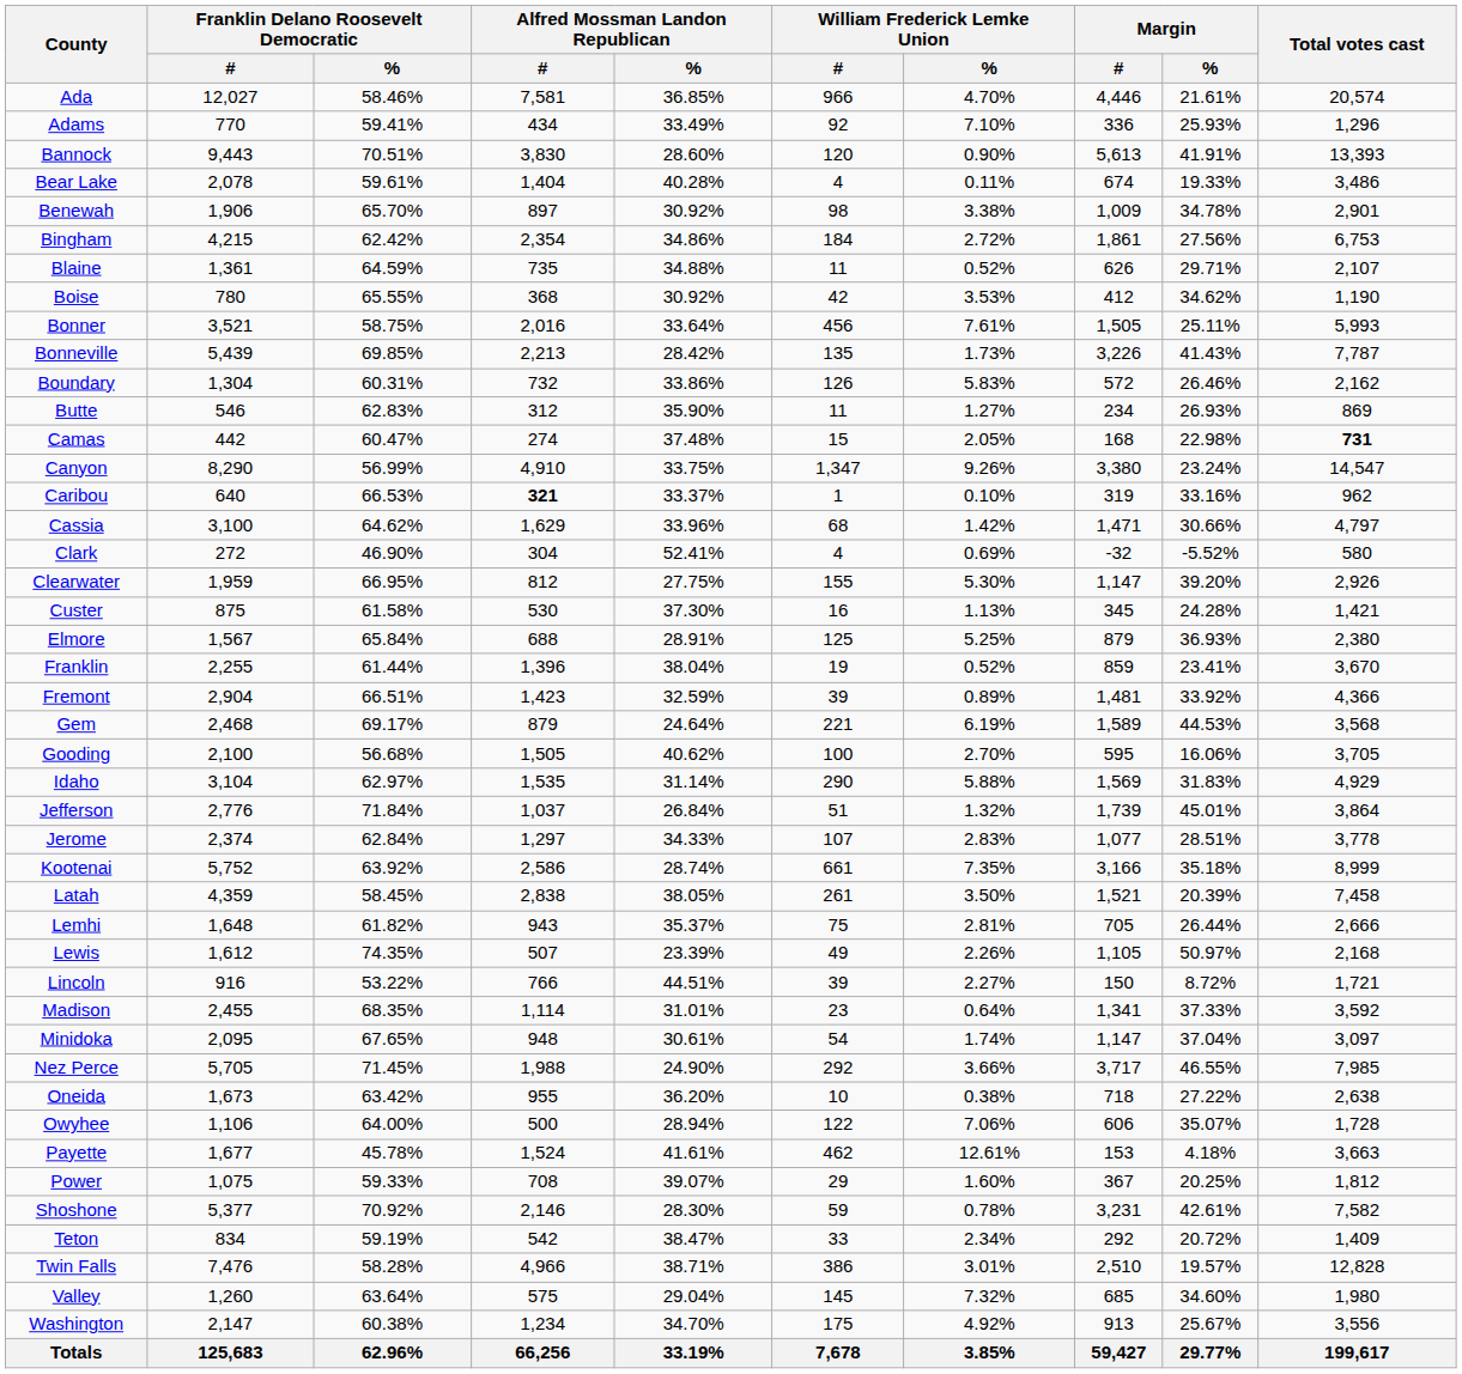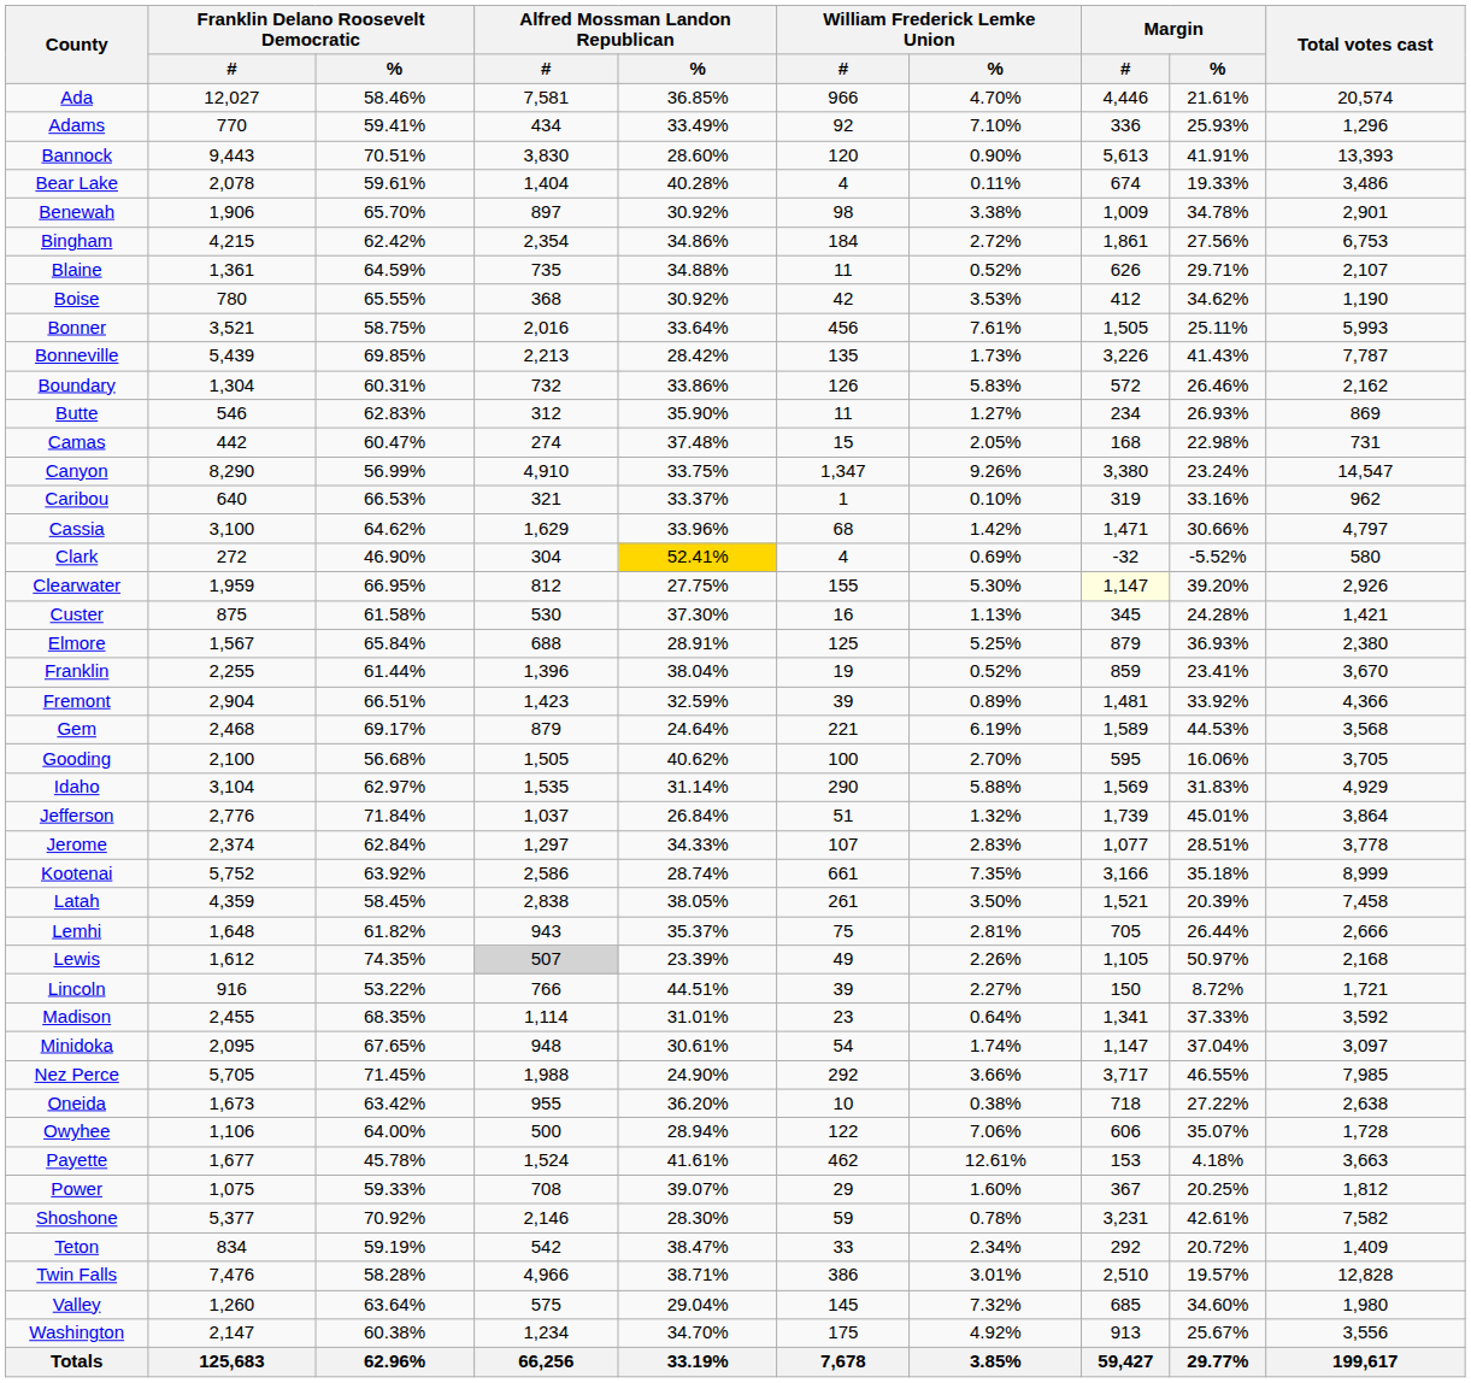 <table width="65%"  class="wikitable sortable" style="text-align:center">
 <tr>
 <th style="text-align:center;" rowspan="2">County</th>
 <th style="text-align:center;" colspan="2">Franklin Delano Roosevelt<br>Democratic</th>
 <th style="text-align:center;" colspan="2">Alfred Mossman Landon<br>Republican</th>
 <th style="text-align:center;" colspan="2">William Frederick Lemke<br>Union</th>
 <th style="text-align:center;" colspan="2">Margin</th>
 <th style="text-align:center;" rowspan="2">Total votes cast</th>
 </tr>
 <tr>
 <th style="text-align:center;" data-sort-type="number">#</th>
 <th style="text-align:center;" data-sort-type="number">%</th>
 <th style="text-align:center;" data-sort-type="number">#</th>
 <th style="text-align:center;" data-sort-type="number">%</th>
 <th style="text-align:center;" data-sort-type="number">#</th>
 <th style="text-align:center;" data-sort-type="number">%</th>
 <th style="text-align:center;" data-sort-type="number">#</th>
 <th style="text-align:center;" data-sort-type="number">%</th>
 </tr>
 <tr style="text-align:center;">
 <td><a href='#'>Ada</a></td>
 <td>12,027</td>
 <td>58.46%</td>
 <td>7,581</td>
 <td>36.85%</td>
 <td>966</td>
 <td>4.70%</td>
 <td>4,446</td>
 <td>21.61%</td>
 <td>20,574</td>
 </tr>
 <tr style="text-align:center;">
 <td><a href='#'>Adams</a></td>
 <td>770</td>
 <td>59.41%</td>
 <td>434</td>
 <td>33.49%</td>
 <td>92</td>
 <td>7.10%</td>
 <td>336</td>
 <td>25.93%</td>
 <td>1,296</td>
 </tr>
 <tr style="text-align:center;">
 <td><a href='#'>Bannock</a></td>
 <td>9,443</td>
 <td>70.51%</td>
 <td>3,830</td>
 <td>28.60%</td>
 <td>120</td>
 <td>0.90%</td>
 <td>5,613</td>
 <td>41.91%</td>
 <td>13,393</td>
 </tr>
 <tr style="text-align:center;">
 <td><a href='#'>Bear Lake</a></td>
 <td>2,078</td>
 <td>59.61%</td>
 <td>1,404</td>
 <td>40.28%</td>
 <td>4</td>
 <td>0.11%</td>
 <td>674</td>
 <td>19.33%</td>
 <td>3,486</td>
 </tr>
 <tr style="text-align:center;">
 <td><a href='#'>Benewah</a></td>
 <td>1,906</td>
 <td>65.70%</td>
 <td>897</td>
 <td>30.92%</td>
 <td>98</td>
 <td>3.38%</td>
 <td>1,009</td>
 <td>34.78%</td>
 <td>2,901</td>
 </tr>
 <tr style="text-align:center;">
 <td><a href='#'>Bingham</a></td>
 <td>4,215</td>
 <td>62.42%</td>
 <td>2,354</td>
 <td>34.86%</td>
 <td>184</td>
 <td>2.72%</td>
 <td>1,861</td>
 <td>27.56%</td>
 <td>6,753</td>
 </tr>
 <tr style="text-align:center;">
 <td><a href='#'>Blaine</a></td>
 <td>1,361</td>
 <td>64.59%</td>
 <td>735</td>
 <td>34.88%</td>
 <td>11</td>
 <td>0.52%</td>
 <td>626</td>
 <td>29.71%</td>
 <td>2,107</td>
 </tr>
 <tr style="text-align:center;">
 <td><a href='#'>Boise</a></td>
 <td>780</td>
 <td>65.55%</td>
 <td>368</td>
 <td>30.92%</td>
 <td>42</td>
 <td>3.53%</td>
 <td>412</td>
 <td>34.62%</td>
 <td>1,190</td>
 </tr>
 <tr style="text-align:center;">
 <td><a href='#'>Bonner</a></td>
 <td>3,521</td>
 <td>58.75%</td>
 <td>2,016</td>
 <td>33.64%</td>
 <td>456</td>
 <td>7.61%</td>
 <td>1,505</td>
 <td>25.11%</td>
 <td>5,993</td>
 </tr>
 <tr style="text-align:center;">
 <td><a href='#'>Bonneville</a></td>
 <td>5,439</td>
 <td>69.85%</td>
 <td>2,213</td>
 <td>28.42%</td>
 <td>135</td>
 <td>1.73%</td>
 <td>3,226</td>
 <td>41.43%</td>
 <td>7,787</td>
 </tr>
 <tr style="text-align:center;">
 <td><a href='#'>Boundary</a></td>
 <td>1,304</td>
 <td>60.31%</td>
 <td>732</td>
 <td>33.86%</td>
 <td>126</td>
 <td>5.83%</td>
 <td>572</td>
 <td>26.46%</td>
 <td>2,162</td>
 </tr>
 <tr style="text-align:center;">
 <td><a href='#'>Butte</a></td>
 <td>546</td>
 <td>62.83%</td>
 <td>312</td>
 <td>35.90%</td>
 <td>11</td>
 <td>1.27%</td>
 <td>234</td>
 <td>26.93%</td>
 <td>869</td>
 </tr>
 <tr style="text-align:center;">
 <td><a href='#'>Camas</a></td>
 <td>442</td>
 <td>60.47%</td>
 <td>274</td>
 <td>37.48%</td>
 <td>15</td>
 <td>2.05%</td>
 <td>168</td>
 <td>22.98%</td>
-<td><strong>731</strong></td>
+<td>731</td>
 </tr>
 <tr style="text-align:center;">
 <td><a href='#'>Canyon</a></td>
 <td>8,290</td>
 <td>56.99%</td>
 <td>4,910</td>
 <td>33.75%</td>
 <td>1,347</td>
 <td>9.26%</td>
 <td>3,380</td>
 <td>23.24%</td>
 <td>14,547</td>
 </tr>
 <tr style="text-align:center;">
 <td><a href='#'>Caribou</a></td>
 <td>640</td>
 <td>66.53%</td>
-<td><strong>321</strong></td>
+<td>321</td>
 <td>33.37%</td>
 <td>1</td>
 <td>0.10%</td>
 <td>319</td>
 <td>33.16%</td>
 <td>962</td>
 </tr>
 <tr style="text-align:center;">
 <td><a href='#'>Cassia</a></td>
 <td>3,100</td>
 <td>64.62%</td>
 <td>1,629</td>
 <td>33.96%</td>
 <td>68</td>
 <td>1.42%</td>
 <td>1,471</td>
 <td>30.66%</td>
 <td>4,797</td>
 </tr>
 <tr style="text-align:center;">
 <td><a href='#'>Clark</a></td>
 <td>272</td>
 <td>46.90%</td>
 <td>304</td>
-<td>52.41%</td>
+<td style="background: gold;">52.41%</td>
 <td>4</td>
 <td>0.69%</td>
 <td>-32</td>
 <td>-5.52%</td>
 <td>580</td>
 </tr>
 <tr style="text-align:center;">
 <td><a href='#'>Clearwater</a></td>
 <td>1,959</td>
 <td>66.95%</td>
 <td>812</td>
 <td>27.75%</td>
 <td>155</td>
 <td>5.30%</td>
-<td>1,147</td>
+<td style="background: lightyellow;">1,147</td>
 <td>39.20%</td>
 <td>2,926</td>
 </tr>
 <tr style="text-align:center;">
 <td><a href='#'>Custer</a></td>
 <td>875</td>
 <td>61.58%</td>
 <td>530</td>
 <td>37.30%</td>
 <td>16</td>
 <td>1.13%</td>
 <td>345</td>
 <td>24.28%</td>
 <td>1,421</td>
 </tr>
 <tr style="text-align:center;">
 <td><a href='#'>Elmore</a></td>
 <td>1,567</td>
 <td>65.84%</td>
 <td>688</td>
 <td>28.91%</td>
 <td>125</td>
 <td>5.25%</td>
 <td>879</td>
 <td>36.93%</td>
 <td>2,380</td>
 </tr>
 <tr style="text-align:center;">
 <td><a href='#'>Franklin</a></td>
 <td>2,255</td>
 <td>61.44%</td>
 <td>1,396</td>
 <td>38.04%</td>
 <td>19</td>
 <td>0.52%</td>
 <td>859</td>
 <td>23.41%</td>
 <td>3,670</td>
 </tr>
 <tr style="text-align:center;">
 <td><a href='#'>Fremont</a></td>
 <td>2,904</td>
 <td>66.51%</td>
 <td>1,423</td>
 <td>32.59%</td>
 <td>39</td>
 <td>0.89%</td>
 <td>1,481</td>
 <td>33.92%</td>
 <td>4,366</td>
 </tr>
 <tr style="text-align:center;">
 <td><a href='#'>Gem</a></td>
 <td>2,468</td>
 <td>69.17%</td>
 <td>879</td>
 <td>24.64%</td>
 <td>221</td>
 <td>6.19%</td>
 <td>1,589</td>
 <td>44.53%</td>
 <td>3,568</td>
 </tr>
 <tr style="text-align:center;">
 <td><a href='#'>Gooding</a></td>
 <td>2,100</td>
 <td>56.68%</td>
 <td>1,505</td>
 <td>40.62%</td>
 <td>100</td>
 <td>2.70%</td>
 <td>595</td>
 <td>16.06%</td>
 <td>3,705</td>
 </tr>
 <tr style="text-align:center;">
 <td><a href='#'>Idaho</a></td>
 <td>3,104</td>
 <td>62.97%</td>
 <td>1,535</td>
 <td>31.14%</td>
 <td>290</td>
 <td>5.88%</td>
 <td>1,569</td>
 <td>31.83%</td>
 <td>4,929</td>
 </tr>
 <tr style="text-align:center;">
 <td><a href='#'>Jefferson</a></td>
 <td>2,776</td>
 <td>71.84%</td>
 <td>1,037</td>
 <td>26.84%</td>
 <td>51</td>
 <td>1.32%</td>
 <td>1,739</td>
 <td>45.01%</td>
 <td>3,864</td>
 </tr>
 <tr style="text-align:center;">
 <td><a href='#'>Jerome</a></td>
 <td>2,374</td>
 <td>62.84%</td>
 <td>1,297</td>
 <td>34.33%</td>
 <td>107</td>
 <td>2.83%</td>
 <td>1,077</td>
 <td>28.51%</td>
 <td>3,778</td>
 </tr>
 <tr style="text-align:center;">
 <td><a href='#'>Kootenai</a></td>
 <td>5,752</td>
 <td>63.92%</td>
 <td>2,586</td>
 <td>28.74%</td>
 <td>661</td>
 <td>7.35%</td>
 <td>3,166</td>
 <td>35.18%</td>
 <td>8,999</td>
 </tr>
 <tr style="text-align:center;">
 <td><a href='#'>Latah</a></td>
 <td>4,359</td>
 <td>58.45%</td>
 <td>2,838</td>
 <td>38.05%</td>
 <td>261</td>
 <td>3.50%</td>
 <td>1,521</td>
 <td>20.39%</td>
 <td>7,458</td>
 </tr>
 <tr style="text-align:center;">
 <td><a href='#'>Lemhi</a></td>
 <td>1,648</td>
 <td>61.82%</td>
 <td>943</td>
 <td>35.37%</td>
 <td>75</td>
 <td>2.81%</td>
 <td>705</td>
 <td>26.44%</td>
 <td>2,666</td>
 </tr>
 <tr style="text-align:center;">
 <td><a href='#'>Lewis</a></td>
 <td>1,612</td>
 <td>74.35%</td>
-<td>507</td>
+<td style="background: lightgrey;">507</td>
 <td>23.39%</td>
 <td>49</td>
 <td>2.26%</td>
 <td>1,105</td>
 <td>50.97%</td>
 <td>2,168</td>
 </tr>
 <tr style="text-align:center;">
 <td><a href='#'>Lincoln</a></td>
 <td>916</td>
 <td>53.22%</td>
 <td>766</td>
 <td>44.51%</td>
 <td>39</td>
 <td>2.27%</td>
 <td>150</td>
 <td>8.72%</td>
 <td>1,721</td>
 </tr>
 <tr style="text-align:center;">
 <td><a href='#'>Madison</a></td>
 <td>2,455</td>
 <td>68.35%</td>
 <td>1,114</td>
 <td>31.01%</td>
 <td>23</td>
 <td>0.64%</td>
 <td>1,341</td>
 <td>37.33%</td>
 <td>3,592</td>
 </tr>
 <tr style="text-align:center;">
 <td><a href='#'>Minidoka</a></td>
 <td>2,095</td>
 <td>67.65%</td>
 <td>948</td>
 <td>30.61%</td>
 <td>54</td>
 <td>1.74%</td>
 <td>1,147</td>
 <td>37.04%</td>
 <td>3,097</td>
 </tr>
 <tr style="text-align:center;">
 <td><a href='#'>Nez Perce</a></td>
 <td>5,705</td>
 <td>71.45%</td>
 <td>1,988</td>
 <td>24.90%</td>
 <td>292</td>
 <td>3.66%</td>
 <td>3,717</td>
 <td>46.55%</td>
 <td>7,985</td>
 </tr>
 <tr style="text-align:center;">
 <td><a href='#'>Oneida</a></td>
 <td>1,673</td>
 <td>63.42%</td>
 <td>955</td>
 <td>36.20%</td>
 <td>10</td>
 <td>0.38%</td>
 <td>718</td>
 <td>27.22%</td>
 <td>2,638</td>
 </tr>
 <tr style="text-align:center;">
 <td><a href='#'>Owyhee</a></td>
 <td>1,106</td>
 <td>64.00%</td>
 <td>500</td>
 <td>28.94%</td>
 <td>122</td>
 <td>7.06%</td>
 <td>606</td>
 <td>35.07%</td>
 <td>1,728</td>
 </tr>
 <tr style="text-align:center;">
 <td><a href='#'>Payette</a></td>
 <td>1,677</td>
 <td>45.78%</td>
 <td>1,524</td>
 <td>41.61%</td>
 <td>462</td>
 <td>12.61%</td>
 <td>153</td>
 <td>4.18%</td>
 <td>3,663</td>
 </tr>
 <tr style="text-align:center;">
 <td><a href='#'>Power</a></td>
 <td>1,075</td>
 <td>59.33%</td>
 <td>708</td>
 <td>39.07%</td>
 <td>29</td>
 <td>1.60%</td>
 <td>367</td>
 <td>20.25%</td>
 <td>1,812</td>
 </tr>
 <tr style="text-align:center;">
 <td><a href='#'>Shoshone</a></td>
 <td>5,377</td>
 <td>70.92%</td>
 <td>2,146</td>
 <td>28.30%</td>
 <td>59</td>
 <td>0.78%</td>
 <td>3,231</td>
 <td>42.61%</td>
 <td>7,582</td>
 </tr>
 <tr style="text-align:center;">
 <td><a href='#'>Teton</a></td>
 <td>834</td>
 <td>59.19%</td>
 <td>542</td>
 <td>38.47%</td>
 <td>33</td>
 <td>2.34%</td>
 <td>292</td>
 <td>20.72%</td>
 <td>1,409</td>
 </tr>
 <tr style="text-align:center;">
 <td><a href='#'>Twin Falls</a></td>
 <td>7,476</td>
 <td>58.28%</td>
 <td>4,966</td>
 <td>38.71%</td>
 <td>386</td>
 <td>3.01%</td>
 <td>2,510</td>
 <td>19.57%</td>
 <td>12,828</td>
 </tr>
 <tr style="text-align:center;">
 <td><a href='#'>Valley</a></td>
 <td>1,260</td>
 <td>63.64%</td>
 <td>575</td>
 <td>29.04%</td>
 <td>145</td>
 <td>7.32%</td>
 <td>685</td>
 <td>34.60%</td>
 <td>1,980</td>
 </tr>
 <tr style="text-align:center;">
 <td><a href='#'>Washington</a></td>
 <td>2,147</td>
 <td>60.38%</td>
 <td>1,234</td>
 <td>34.70%</td>
 <td>175</td>
 <td>4.92%</td>
 <td>913</td>
 <td>25.67%</td>
 <td>3,556</td>
 </tr>
 <tr style="text-align:center;">
 <th>Totals</th>
 <th>125,683</th>
 <th>62.96%</th>
 <th>66,256</th>
 <th>33.19%</th>
 <th>7,678</th>
 <th>3.85%</th>
 <th>59,427</th>
 <th>29.77%</th>
 <th>199,617</th>
 </tr>
 </table>
